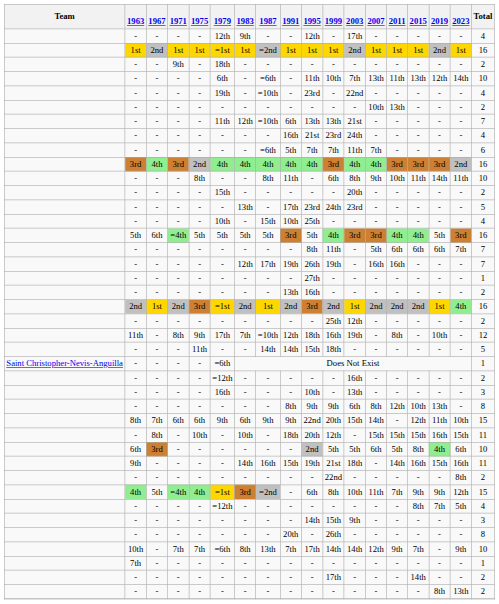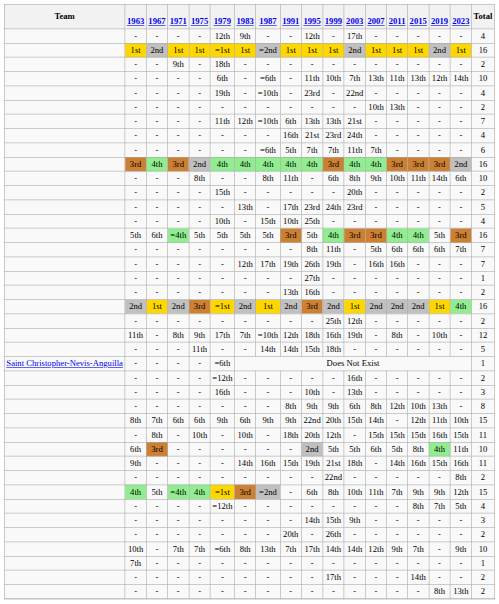 <table class=wikitable style="text-align:center; font-size:90%">
 <tr>
 <th>Team</th>
 <th><br><a href='#'>1963</a></th>
 <th><br><a href='#'>1967</a></th>
 <th><br><a href='#'>1971</a></th>
 <th><br><a href='#'>1975</a></th>
 <th><br><a href='#'>1979</a></th>
 <th><br><a href='#'>1983</a></th>
 <th><br><a href='#'>1987</a></th>
 <th><br><a href='#'>1991</a></th>
 <th><br><a href='#'>1995</a></th>
 <th><br><a href='#'>1999</a></th>
 <th><br><a href='#'>2003</a></th>
 <th><br><a href='#'>2007</a></th>
 <th><br><a href='#'>2011</a></th>
 <th><br><a href='#'>2015</a></th>
 <th><br><a href='#'>2019</a></th>
 <th><br><a href='#'>2023</a></th>
 <th>Total</th>
 </tr>
 <tr>
 <td align=left></td>
 <td>-</td>
 <td>-</td>
 <td>-</td>
 <td>-</td>
 <td>12th</td>
 <td>9th</td>
 <td>-</td>
 <td>-</td>
 <td>12th</td>
 <td>-</td>
 <td>17th</td>
 <td>-</td>
 <td>-</td>
 <td>-</td>
 <td>-</td>
 <td>-</td>
 <td>4</td>
 </tr>
 <tr>
 <td align=left></td>
 <td bgcolor="#FFD700">1st</td>
 <td bgcolor="#C0C0C0">2nd</td>
 <td bgcolor="#FFD700">1st</td>
 <td bgcolor="#FFD700">1st</td>
 <td bgcolor="#FFD700">=1st</td>
 <td bgcolor="#FFD700">1st</td>
 <td bgcolor="#C0C0C0">=2nd</td>
 <td bgcolor="#FFD700">1st</td>
 <td bgcolor="#FFD700">1st</td>
 <td bgcolor="#FFD700">1st</td>
 <td bgcolor="#C0C0C0">2nd</td>
 <td bgcolor="#FFD700">1st</td>
 <td bgcolor="#FFD700">1st</td>
 <td bgcolor="#FFD700">1st</td>
 <td bgcolor="#C0C0C0">2nd</td>
 <td bgcolor="#FFD700">1st</td>
 <td>16</td>
 </tr>
 <tr>
 <td align=left></td>
 <td>-</td>
 <td>-</td>
 <td>9th</td>
 <td>-</td>
 <td>18th</td>
 <td>-</td>
 <td>-</td>
 <td>-</td>
 <td>-</td>
 <td>-</td>
 <td>-</td>
 <td>-</td>
 <td>-</td>
 <td>-</td>
 <td>-</td>
 <td>-</td>
 <td>2</td>
 </tr>
 <tr>
 <td align=left></td>
 <td>-</td>
 <td>-</td>
 <td>-</td>
 <td>-</td>
 <td>6th</td>
 <td>-</td>
 <td>=6th</td>
 <td>-</td>
 <td>11th</td>
 <td>10th</td>
 <td>7th</td>
 <td>13th</td>
 <td>11th</td>
 <td>13th</td>
 <td>12th</td>
 <td>14th</td>
 <td>10</td>
 </tr>
 <tr>
 <td align=left></td>
 <td>-</td>
 <td>-</td>
 <td>-</td>
 <td>-</td>
 <td>19th</td>
 <td>-</td>
 <td>=10th</td>
 <td>-</td>
 <td>23rd</td>
 <td>-</td>
 <td>22nd</td>
 <td>-</td>
 <td>-</td>
 <td>-</td>
 <td>-</td>
 <td>-</td>
 <td>4</td>
 </tr>
 <tr>
 <td align=left></td>
 <td>-</td>
 <td>-</td>
 <td>-</td>
 <td>-</td>
 <td>-</td>
 <td>-</td>
 <td>-</td>
 <td>-</td>
 <td>-</td>
 <td>-</td>
 <td>-</td>
 <td>10th</td>
 <td>13th</td>
 <td>-</td>
 <td>-</td>
 <td>-</td>
 <td>2</td>
 </tr>
 <tr>
 <td align=left></td>
 <td>-</td>
 <td>-</td>
 <td>-</td>
 <td>-</td>
 <td>11th</td>
 <td>12th</td>
 <td>=10th</td>
 <td>6th</td>
 <td>13th</td>
 <td>13th</td>
 <td>21st</td>
 <td>-</td>
 <td>-</td>
 <td>-</td>
 <td>-</td>
 <td>-</td>
 <td>7</td>
 </tr>
 <tr>
 <td align=left></td>
 <td>-</td>
 <td>-</td>
 <td>-</td>
 <td>-</td>
 <td>-</td>
 <td>-</td>
 <td>-</td>
 <td>16th</td>
 <td>21st</td>
 <td>23rd</td>
 <td>24th</td>
 <td>-</td>
 <td>-</td>
 <td>-</td>
 <td>-</td>
 <td>-</td>
 <td>4</td>
 </tr>
 <tr>
 <td align=left></td>
 <td>-</td>
 <td>-</td>
 <td>-</td>
 <td>-</td>
 <td>-</td>
 <td>-</td>
 <td>=6th</td>
 <td>5th</td>
 <td>7th</td>
 <td>7th</td>
 <td>11th</td>
 <td>7th</td>
 <td>-</td>
 <td>-</td>
 <td>-</td>
 <td>-</td>
 <td>6</td>
 </tr>
 <tr>
 <td align=left></td>
 <td bgcolor="#CD7F32">3rd</td>
 <td bgcolor="#90EE90">4th</td>
 <td bgcolor="#CD7F32">3rd</td>
 <td bgcolor="#C0C0C0">2nd</td>
 <td bgcolor="#90EE90">4th</td>
 <td bgcolor="#90EE90">4th</td>
 <td bgcolor="#90EE90">4th</td>
 <td bgcolor="#90EE90">4th</td>
 <td bgcolor="#90EE90">4th</td>
 <td bgcolor="#CD7F32">3rd</td>
 <td bgcolor="#90EE90">4th</td>
 <td bgcolor="#90EE90">4th</td>
 <td bgcolor="#CD7F32">3rd</td>
 <td bgcolor="#CD7F32">3rd</td>
 <td bgcolor="#CD7F32">3rd</td>
 <td bgcolor="#C0C0C0">2nd</td>
 <td>16</td>
 </tr>
 <tr>
 <td align=left></td>
 <td>-</td>
 <td>-</td>
 <td>-</td>
 <td>8th</td>
 <td>-</td>
 <td>-</td>
 <td>8th</td>
 <td>11th</td>
 <td>-</td>
 <td>6th</td>
 <td>8th</td>
 <td>9th</td>
 <td>10th</td>
 <td>11th</td>
 <td>14th</td>
-<td>11th</td>
+<td>6th</td>
 <td>10</td>
 </tr>
 <tr>
 <td align=left></td>
 <td>-</td>
 <td>-</td>
 <td>-</td>
 <td>-</td>
 <td>15th</td>
 <td>-</td>
 <td>-</td>
 <td>-</td>
 <td>-</td>
 <td>-</td>
 <td>20th</td>
 <td>-</td>
 <td>-</td>
 <td>-</td>
 <td>-</td>
 <td>-</td>
 <td>2</td>
 </tr>
 <tr>
 <td align=left></td>
 <td>-</td>
 <td>-</td>
 <td>-</td>
 <td>-</td>
 <td>-</td>
 <td>13th</td>
 <td>-</td>
 <td>17th</td>
 <td>23rd</td>
 <td>24th</td>
 <td>23rd</td>
 <td>-</td>
 <td>-</td>
 <td>-</td>
 <td>-</td>
 <td>-</td>
 <td>5</td>
 </tr>
 <tr>
 <td align=left></td>
 <td>-</td>
 <td>-</td>
 <td>-</td>
 <td>-</td>
 <td>10th</td>
 <td>-</td>
 <td>15th</td>
 <td>10th</td>
 <td>25th</td>
 <td>-</td>
 <td>-</td>
 <td>-</td>
 <td>-</td>
 <td>-</td>
 <td>-</td>
 <td>-</td>
 <td>4</td>
 </tr>
 <tr>
 <td align=left></td>
 <td>5th</td>
 <td>6th</td>
 <td bgcolor="#90EE90">=4th</td>
 <td>5th</td>
 <td>5th</td>
 <td>5th</td>
 <td>5th</td>
 <td bgcolor="#CD7F32">3rd</td>
 <td>5th</td>
 <td bgcolor="#90EE90">4th</td>
 <td bgcolor="#CD7F32">3rd</td>
 <td bgcolor="#CD7F32">3rd</td>
 <td bgcolor="#90EE90">4th</td>
 <td bgcolor="#90EE90">4th</td>
 <td>5th</td>
 <td bgcolor="#CD7F32">3rd</td>
 <td>16</td>
 </tr>
 <tr>
 <td align=left></td>
 <td>-</td>
 <td>-</td>
 <td>-</td>
 <td>-</td>
 <td>-</td>
 <td>-</td>
 <td>-</td>
 <td>-</td>
 <td>8th</td>
 <td>11th</td>
 <td>-</td>
 <td>5th</td>
 <td>6th</td>
 <td>6th</td>
 <td>6th</td>
 <td>7th</td>
 <td>7</td>
 </tr>
 <tr>
 <td align=left></td>
 <td>-</td>
 <td>-</td>
 <td>-</td>
 <td>-</td>
 <td>-</td>
 <td>12th</td>
 <td>17th</td>
 <td>19th</td>
 <td>26th</td>
 <td>19th</td>
 <td>-</td>
 <td>16th</td>
 <td>16th</td>
 <td>-</td>
 <td>-</td>
 <td>-</td>
 <td>7</td>
 </tr>
 <tr>
 <td align=left></td>
 <td>-</td>
 <td>-</td>
 <td>-</td>
 <td>-</td>
 <td>-</td>
 <td>-</td>
 <td>-</td>
 <td>-</td>
 <td>27th</td>
 <td>-</td>
 <td>-</td>
 <td>-</td>
 <td>-</td>
 <td>-</td>
 <td>-</td>
 <td>-</td>
 <td>1</td>
 </tr>
 <tr>
 <td align=left></td>
 <td>-</td>
 <td>-</td>
 <td>-</td>
 <td>-</td>
 <td>-</td>
 <td>-</td>
 <td>-</td>
 <td>13th</td>
 <td>16th</td>
 <td>-</td>
 <td>-</td>
 <td>-</td>
 <td>-</td>
 <td>-</td>
 <td>-</td>
 <td>-</td>
 <td>2</td>
 </tr>
 <tr>
 <td align=left></td>
 <td bgcolor="#C0C0C0">2nd</td>
 <td bgcolor="#FFD700">1st</td>
 <td bgcolor="#C0C0C0">2nd</td>
 <td bgcolor="#CD7F32">3rd</td>
 <td bgcolor="#FFD700">=1st</td>
 <td bgcolor="#C0C0C0">2nd</td>
 <td bgcolor="#FFD700">1st</td>
 <td bgcolor="#C0C0C0">2nd</td>
 <td bgcolor="#CD7F32">3rd</td>
 <td bgcolor="#C0C0C0">2nd</td>
 <td bgcolor="#FFD700">1st</td>
 <td bgcolor="#C0C0C0">2nd</td>
 <td bgcolor="#C0C0C0">2nd</td>
 <td bgcolor="#C0C0C0">2nd</td>
 <td bgcolor="#FFD700">1st</td>
 <td bgcolor="#90EE90">4th</td>
 <td>16</td>
 </tr>
 <tr>
 <td align=left></td>
 <td>-</td>
 <td>-</td>
 <td>-</td>
 <td>-</td>
 <td>-</td>
 <td>-</td>
 <td>-</td>
 <td>-</td>
 <td>-</td>
 <td>25th</td>
 <td>12th</td>
 <td>-</td>
 <td>-</td>
 <td>-</td>
 <td>-</td>
 <td>-</td>
 <td>2</td>
 </tr>
 <tr>
 <td align=left></td>
 <td>11th</td>
 <td>-</td>
 <td>8th</td>
 <td>9th</td>
 <td>17th</td>
 <td>7th</td>
 <td>=10th</td>
 <td>12th</td>
 <td>18th</td>
 <td>16th</td>
 <td>19th</td>
 <td>-</td>
 <td>8th</td>
 <td>-</td>
 <td>10th</td>
 <td>-</td>
 <td>12</td>
 </tr>
 <tr>
 <td align=left></td>
 <td>-</td>
 <td>-</td>
 <td>-</td>
 <td>11th</td>
 <td>-</td>
 <td>-</td>
 <td>14th</td>
 <td>14th</td>
 <td>15th</td>
 <td>18th</td>
 <td>-</td>
 <td>-</td>
 <td>-</td>
 <td>-</td>
 <td>-</td>
 <td>-</td>
 <td>5</td>
 </tr>
 <tr>
 <td align=left> <a href='#'>Saint Christopher-Nevis-Anguilla</a></td>
 <td>-</td>
 <td>-</td>
 <td>-</td>
 <td>-</td>
 <td>=6th</td>
 <td colspan=11>Does Not Exist</td>
 <td>1</td>
 </tr>
 <tr>
 <td align=left></td>
 <td>-</td>
 <td>-</td>
 <td>-</td>
 <td>-</td>
 <td>=12th</td>
 <td>-</td>
 <td>-</td>
 <td>-</td>
 <td>-</td>
 <td>-</td>
 <td>16th</td>
 <td>-</td>
 <td>-</td>
 <td>-</td>
 <td>-</td>
 <td>-</td>
 <td>2</td>
 </tr>
 <tr>
 <td align=left></td>
 <td>-</td>
 <td>-</td>
 <td>-</td>
 <td>-</td>
 <td>16th</td>
 <td>-</td>
 <td>-</td>
 <td>-</td>
 <td>10th</td>
 <td>-</td>
 <td>13th</td>
 <td>-</td>
 <td>-</td>
 <td>-</td>
 <td>-</td>
 <td>-</td>
 <td>3</td>
 </tr>
 <tr>
 <td align=left></td>
 <td>-</td>
 <td>-</td>
 <td>-</td>
 <td>-</td>
 <td>-</td>
 <td>-</td>
 <td>-</td>
 <td>8th</td>
 <td>9th</td>
 <td>9th</td>
 <td>6th</td>
 <td>8th</td>
 <td>12th</td>
 <td>10th</td>
 <td>13th</td>
 <td>-</td>
 <td>8</td>
 </tr>
 <tr>
 <td align=left></td>
 <td>8th</td>
 <td>7th</td>
 <td>6th</td>
 <td>6th</td>
 <td>9th</td>
 <td>6th</td>
 <td>9th</td>
 <td>9th</td>
 <td>22nd</td>
 <td>20th</td>
 <td>15th</td>
 <td>14th</td>
 <td>-</td>
 <td>12th</td>
 <td>11th</td>
 <td>10th</td>
 <td>15</td>
 </tr>
 <tr>
 <td align=left></td>
 <td>-</td>
 <td>8th</td>
 <td>-</td>
 <td>10th</td>
 <td>-</td>
 <td>10th</td>
 <td>-</td>
 <td>18th</td>
 <td>20th</td>
 <td>12th</td>
 <td>-</td>
 <td>15th</td>
 <td>15th</td>
 <td>15th</td>
 <td>16th</td>
 <td>15th</td>
 <td>11</td>
 </tr>
 <tr>
 <td align=left></td>
 <td>6th</td>
 <td bgcolor="#CD7F32">3rd</td>
 <td>-</td>
 <td>-</td>
 <td>-</td>
 <td>-</td>
 <td>-</td>
 <td>-</td>
 <td bgcolor="#C0C0C0">2nd</td>
 <td>5th</td>
 <td>5th</td>
 <td>6th</td>
 <td>5th</td>
 <td>8th</td>
 <td bgcolor="#90EE90">4th</td>
-<td>6th</td>
+<td>11th</td>
 <td>10</td>
 </tr>
 <tr>
 <td align=left></td>
 <td>9th</td>
 <td>-</td>
 <td>-</td>
 <td>-</td>
 <td>-</td>
 <td>14th</td>
 <td>16th</td>
 <td>15th</td>
 <td>19th</td>
 <td>21st</td>
 <td>18th</td>
 <td>-</td>
 <td>14th</td>
 <td>16th</td>
 <td>15th</td>
 <td>16th</td>
 <td>11</td>
 </tr>
 <tr>
 <td align=left></td>
 <td>-</td>
 <td>-</td>
 <td>-</td>
 <td>-</td>
 <td>-</td>
 <td>-</td>
 <td>-</td>
 <td>-</td>
 <td>-</td>
 <td>22nd</td>
 <td>-</td>
 <td>-</td>
 <td>-</td>
 <td>-</td>
 <td>-</td>
 <td>8th</td>
 <td>2</td>
 </tr>
 <tr>
 <td align=left></td>
 <td bgcolor="#90EE90">4th</td>
 <td>5th</td>
 <td bgcolor="#90EE90">=4th</td>
 <td bgcolor="#90EE90">4th</td>
 <td bgcolor="#FFD700">=1st</td>
 <td bgcolor="#CD7F32">3rd</td>
 <td bgcolor="#C0C0C0">=2nd</td>
 <td>-</td>
 <td>6th</td>
 <td>8th</td>
 <td>10th</td>
 <td>11th</td>
 <td>7th</td>
 <td>9th</td>
 <td>9th</td>
 <td>12th</td>
 <td>15</td>
 </tr>
 <tr>
 <td align=left></td>
 <td>-</td>
 <td>-</td>
 <td>-</td>
 <td>-</td>
 <td>=12th</td>
 <td>-</td>
 <td>-</td>
 <td>-</td>
 <td>-</td>
 <td>-</td>
 <td>-</td>
 <td>-</td>
 <td>-</td>
 <td>8th</td>
 <td>7th</td>
 <td>5th</td>
 <td>4</td>
 </tr>
 <tr>
 <td align=left></td>
 <td>-</td>
 <td>-</td>
 <td>-</td>
 <td>-</td>
 <td>-</td>
 <td>-</td>
 <td>-</td>
 <td>-</td>
 <td>14th</td>
 <td>15th</td>
 <td>9th</td>
 <td>-</td>
 <td>-</td>
 <td>-</td>
 <td>-</td>
 <td>-</td>
 <td>3</td>
 </tr>
 <tr>
 <td align=left></td>
 <td>-</td>
 <td>-</td>
 <td>-</td>
 <td>-</td>
 <td>-</td>
 <td>-</td>
 <td>-</td>
 <td>20th</td>
 <td>-</td>
 <td>26th</td>
 <td>-</td>
 <td>-</td>
 <td>-</td>
 <td>-</td>
 <td>-</td>
 <td>-</td>
-<td>8</td>
+<td>2</td>
 </tr>
 <tr>
 <td align=left></td>
 <td>10th</td>
 <td>-</td>
 <td>7th</td>
 <td>7th</td>
 <td>=6th</td>
 <td>8th</td>
 <td>13th</td>
 <td>7th</td>
 <td>17th</td>
 <td>14th</td>
 <td>14th</td>
 <td>12th</td>
 <td>9th</td>
 <td>7th</td>
 <td>-</td>
 <td>9th</td>
 <td>10</td>
 </tr>
 <tr>
 <td align=left></td>
 <td>7th</td>
 <td>-</td>
 <td>-</td>
 <td>-</td>
 <td>-</td>
 <td>-</td>
 <td>-</td>
 <td>-</td>
 <td>-</td>
 <td>-</td>
 <td>-</td>
 <td>-</td>
 <td>-</td>
 <td>-</td>
 <td>-</td>
 <td>-</td>
 <td>1</td>
 </tr>
 <tr>
 <td align=left></td>
 <td>-</td>
 <td>-</td>
 <td>-</td>
 <td>-</td>
 <td>-</td>
 <td>-</td>
 <td>-</td>
 <td>-</td>
 <td>-</td>
 <td>17th</td>
 <td>-</td>
 <td>-</td>
 <td>-</td>
 <td>14th</td>
 <td>-</td>
 <td>-</td>
 <td>2</td>
 </tr>
 <tr>
 <td align=left></td>
 <td>-</td>
 <td>-</td>
 <td>-</td>
 <td>-</td>
 <td>-</td>
 <td>-</td>
 <td>-</td>
 <td>-</td>
 <td>-</td>
 <td>-</td>
 <td>-</td>
 <td>-</td>
 <td>-</td>
 <td>-</td>
 <td>8th</td>
 <td>13th</td>
 <td>2</td>
 </tr>
 <tr>
 </tr>
 </table>
